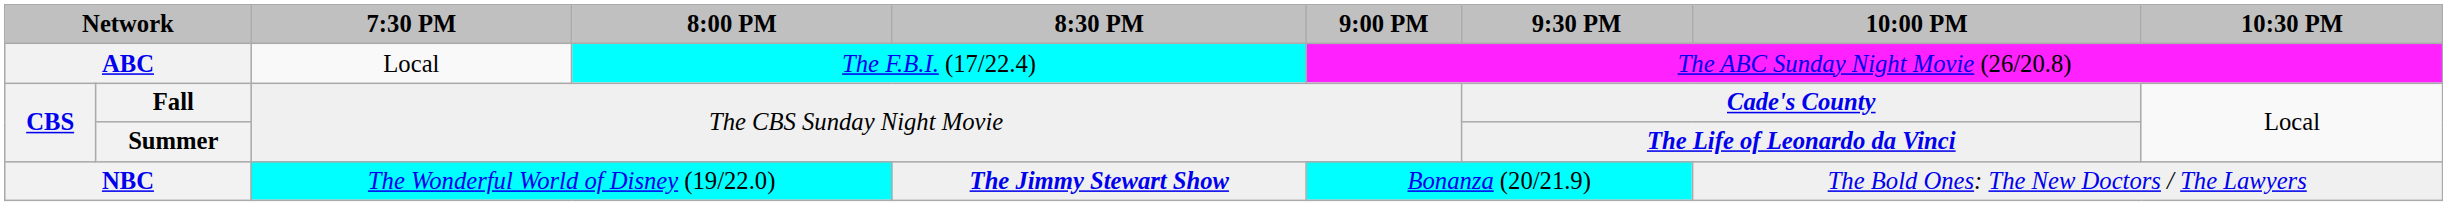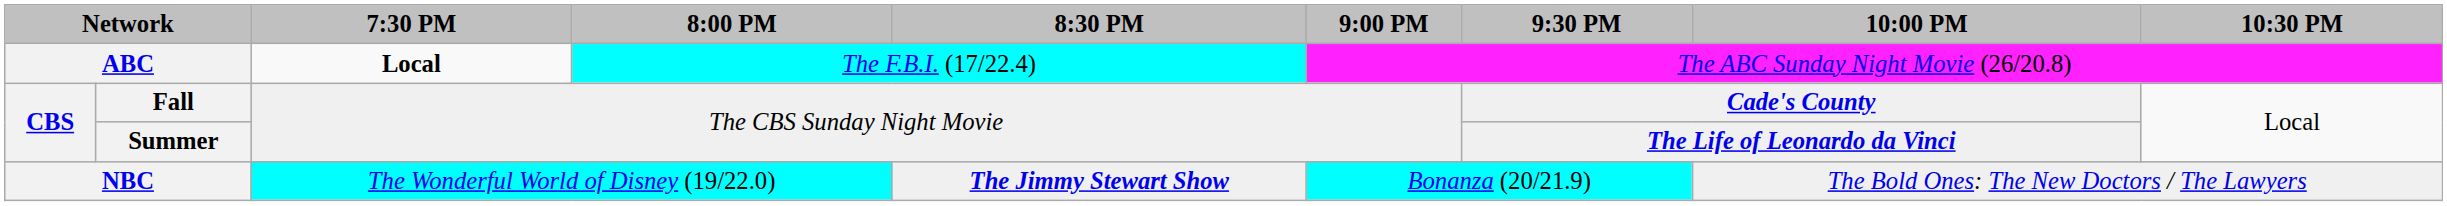 <table class="wikitable" style="width:100%;margin-right:0;text-align:center">
 <tr>
 <th colspan="2" style="background-color:#C0C0C0;text-align:center">Network</th>
 <th style="background-color:#C0C0C0;text-align:center">7:30 PM</th>
 <th style="background-color:#C0C0C0;text-align:center">8:00 PM</th>
 <th style="background-color:#C0C0C0;text-align:center">8:30 PM</th>
 <th style="background-color:#C0C0C0;text-align:center">9:00 PM</th>
 <th style="background-color:#C0C0C0;text-align:center">9:30 PM</th>
 <th style="background-color:#C0C0C0;text-align:center">10:00 PM</th>
 <th style="background-color:#C0C0C0;text-align:center">10:30 PM</th>
 </tr>
 <tr>
 <th bgcolor="#C0C0C0" colspan="2"><a href='#'>ABC</a></th>
-<td>Local</td>
+<td><strong>Local</strong></td>
 <td bgcolor="cyan" colspan="2"><em><a href='#'>The F.B.I.</a></em> (17/22.4)</td>
 <td bgcolor="FF22FF" colspan="4"><em><a href='#'>The ABC Sunday Night Movie</a></em> (26/20.8)</td>
 </tr>
 <tr>
 <th bgcolor="#C0C0C0" rowspan="2"><a href='#'>CBS</a></th>
 <th>Fall</th>
 <td bgcolor="#F0F0F0" colspan="4" rowspan="2"><em>The CBS Sunday Night Movie</em></td>
 <td bgcolor="#F0F0F0" colspan="2"><strong><em><a href='#'>Cade's County</a></em></strong></td>
 <td rowspan="2">Local</td>
 </tr>
 <tr>
 <th>Summer</th>
 <td bgcolor="#F0F0F0" colspan="2"><strong><em><a href='#'>The Life of Leonardo da Vinci</a></em></strong></td>
 </tr>
 <tr>
 <th bgcolor="#C0C0C0" colspan="2"><a href='#'>NBC</a></th>
 <td bgcolor="cyan" colspan="2"><em><a href='#'>The Wonderful World of Disney</a></em> (19/22.0)</td>
 <td bgcolor="#F0F0F0"><strong><em><a href='#'>The Jimmy Stewart Show</a></em></strong></td>
 <td bgcolor="cyan" colspan="2"><em><a href='#'>Bonanza</a></em> (20/21.9)</td>
 <td bgcolor="#F0F0F0" colspan="2"><em><a href='#'>The Bold Ones</a>: <a href='#'>The New Doctors</a> / <a href='#'>The Lawyers</a></em></td>
 </tr>
 </table>
